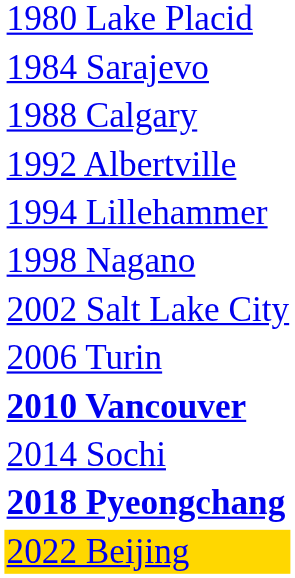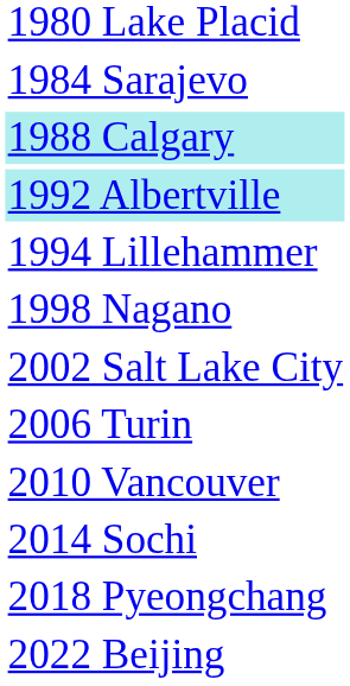 <table>
 <tr>
 <td><a href='#'>1980 Lake Placid</a><br></td>
 <td></td>
 <td></td>
 <td></td>
 </tr>
 <tr>
 <td><a href='#'>1984 Sarajevo</a><br></td>
 <td></td>
 <td></td>
 <td></td>
 </tr>
 <tr>
-<td><a href='#'>1988 Calgary</a><br></td>
+<td style="background: paleturquoise;"><a href='#'>1988 Calgary</a><br></td>
 <td></td>
 <td></td>
 <td></td>
 </tr>
 <tr>
-<td><a href='#'>1992 Albertville</a><br></td>
+<td style="background: paleturquoise;"><a href='#'>1992 Albertville</a><br></td>
 <td></td>
 <td></td>
 <td></td>
 </tr>
 <tr>
 <td><a href='#'>1994 Lillehammer</a><br></td>
 <td></td>
 <td></td>
 <td></td>
 </tr>
 <tr>
 <td><a href='#'>1998 Nagano</a><br></td>
 <td></td>
 <td></td>
 <td></td>
 </tr>
 <tr>
 <td><a href='#'>2002 Salt Lake City</a><br></td>
 <td></td>
 <td></td>
 <td></td>
 </tr>
 <tr>
 <td><a href='#'>2006 Turin</a><br></td>
 <td></td>
 <td></td>
 <td></td>
 </tr>
 <tr>
-<td><strong><a href='#'>2010 Vancouver</a><br></strong></td>
+<td><a href='#'>2010 Vancouver</a><br></td>
 <td></td>
 <td></td>
 <td></td>
 </tr>
 <tr>
 <td><a href='#'>2014 Sochi</a><br></td>
 <td></td>
 <td></td>
 <td></td>
 </tr>
 <tr>
-<td><strong><a href='#'>2018 Pyeongchang</a><br></strong></td>
+<td><a href='#'>2018 Pyeongchang</a><br></td>
 <td></td>
 <td></td>
 <td></td>
 </tr>
 <tr>
-<td style="background: gold;"><a href='#'>2022 Beijing</a><br></td>
+<td><a href='#'>2022 Beijing</a><br></td>
 <td></td>
 <td></td>
 <td></td>
 </tr>
 <tr>
 </tr>
 </table>
